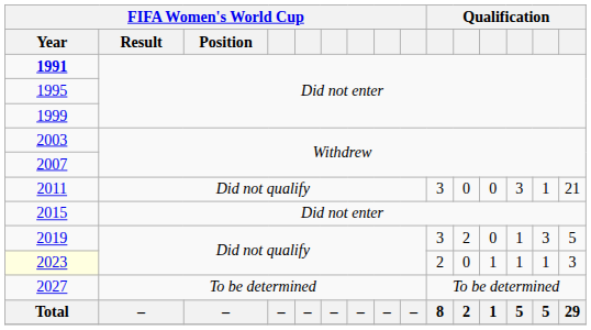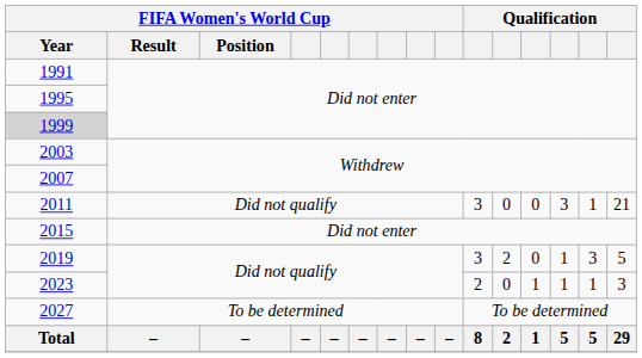 <table class="wikitable" style="text-align:center;">
 <tr>
 <th colspan="9"><a href='#'>FIFA Women's World Cup</a></th>
 <th colspan="6">Qualification</th>
 </tr>
 <tr>
 <th style="width:90px;">Year</th>
 <th style="width:80px;">Result</th>
 <th style="width:80px;">Position</th>
 <th style="width:20px;"></th>
 <th style="width:20px;"></th>
 <th style="width:20px;"></th>
 <th style="width:20px;"></th>
 <th style="width:20px;"></th>
 <th style="width:20px;"></th>
 <th style="width:20px;"></th>
 <th style="width:20px;"></th>
 <th style="width:20px;"></th>
 <th style="width:20px;"></th>
 <th style="width:20px;"></th>
 <th style="width:20px;"></th>
 </tr>
 <tr>
-<td><strong> <a href='#'>1991</a></strong></td>
+<td> <a href='#'>1991</a></td>
 <td rowspan="3" colspan="14"><em>Did not enter</em></td>
 </tr>
 <tr>
 <td> <a href='#'>1995</a></td>
 </tr>
 <tr>
-<td> <a href='#'>1999</a></td>
+<td style="background: lightgrey;"> <a href='#'>1999</a></td>
 </tr>
 <tr>
 <td> <a href='#'>2003</a></td>
 <td rowspan="2" colspan="14"><em>Withdrew</em></td>
 </tr>
 <tr>
 <td> <a href='#'>2007</a></td>
 </tr>
 <tr>
 <td> <a href='#'>2011</a></td>
 <td colspan="8"><em>Did not qualify</em></td>
 <td>3</td>
 <td>0</td>
 <td>0</td>
 <td>3</td>
 <td>1</td>
 <td>21</td>
 </tr>
 <tr>
 <td> <a href='#'>2015</a></td>
 <td colspan="14"><em>Did not enter</em></td>
 </tr>
 <tr>
 <td> <a href='#'>2019</a></td>
 <td rowspan="2" colspan="8"><em>Did not qualify</em></td>
 <td>3</td>
 <td>2</td>
 <td>0</td>
 <td>1</td>
 <td>3</td>
 <td>5</td>
 </tr>
 <tr>
-<td style="background: lightyellow;"> <a href='#'>2023</a></td>
+<td> <a href='#'>2023</a></td>
 <td>2</td>
 <td>0</td>
 <td>1</td>
 <td>1</td>
 <td>1</td>
 <td>3</td>
 </tr>
 <tr>
 <td> <a href='#'>2027</a></td>
 <td colspan="8"><em>To be determined</em></td>
 <td colspan="6"><em>To be determined</em></td>
 </tr>
 <tr>
 <th>Total</th>
 <th>–</th>
 <th>–</th>
 <th>–</th>
 <th>–</th>
 <th>–</th>
 <th>–</th>
 <th>–</th>
 <th>–</th>
 <th>8</th>
 <th>2</th>
 <th>1</th>
 <th>5</th>
 <th>5</th>
 <th>29</th>
 </tr>
 <tr>
 </tr>
 </table>
